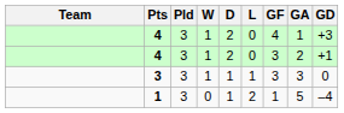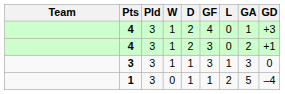 <table class=wikitable style="text-align:center">
 <tr>
 <th width=165>Team</th>
 <th width=20>Pts</th>
 <th width=20>Pld</th>
 <th width=20>W</th>
 <th width=20>D</th>
+<th width=20>GF</th>
 <th width=20>L</th>
-<th width=20>GF</th>
 <th width=20>GA</th>
 <th width=20>GD</th>
 </tr>
 <tr align=center style="background:#ccffcc;">
 <td style="text-align:left;"></td>
 <td><strong>4</strong></td>
 <td>3</td>
 <td>1</td>
 <td>2</td>
+<td>4</td>
 <td>0</td>
-<td>4</td>
 <td>1</td>
 <td>+3</td>
 </tr>
 <tr align=center style="background:#ccffcc;">
 <td style="text-align:left;"></td>
 <td><strong>4</strong></td>
 <td>3</td>
 <td>1</td>
 <td>2</td>
+<td>3</td>
 <td>0</td>
-<td>3</td>
 <td>2</td>
 <td>+1</td>
 </tr>
 <tr align=center>
 <td style="text-align:left;"></td>
 <td><strong>3</strong></td>
 <td>3</td>
 <td>1</td>
 <td>1</td>
+<td>3</td>
 <td>1</td>
-<td>3</td>
 <td>3</td>
 <td>0</td>
 </tr>
 <tr align=center>
 <td style="text-align:left;"></td>
 <td><strong>1</strong></td>
 <td>3</td>
 <td>0</td>
 <td>1</td>
+<td>1</td>
 <td>2</td>
-<td>1</td>
 <td>5</td>
 <td>–4</td>
 </tr>
 </table>
